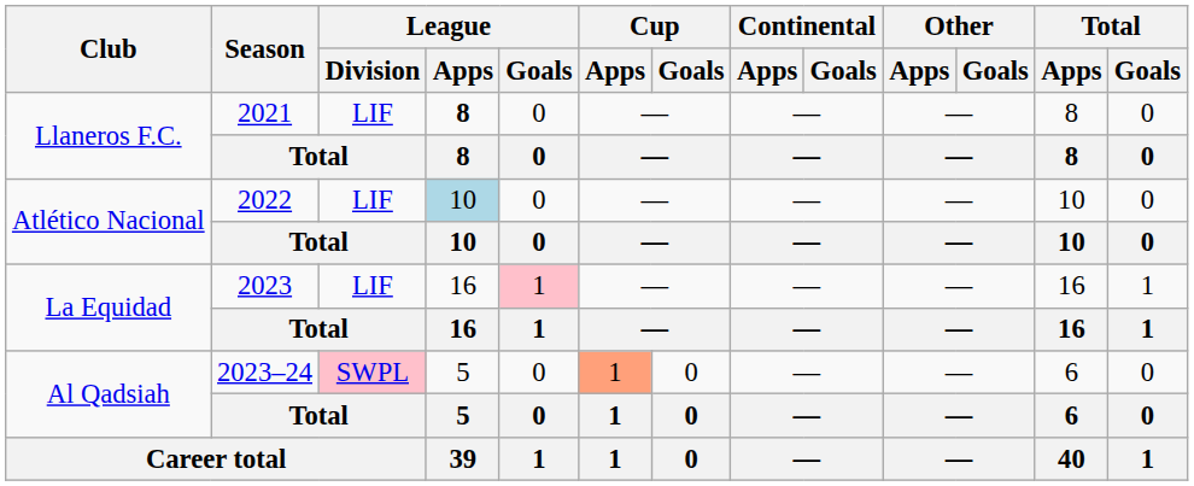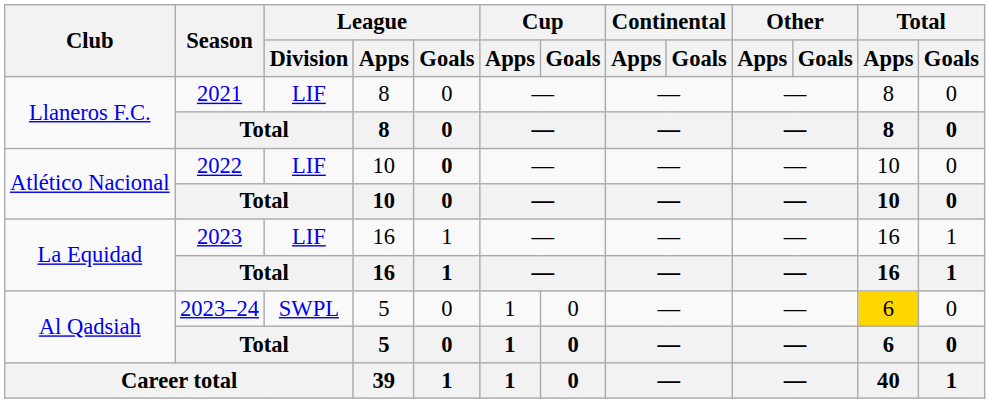 <table class="wikitable" style="text-align: center;">
 <tr>
 <th rowspan="2">Club</th>
 <th rowspan="2">Season</th>
 <th colspan="3">League</th>
 <th colspan="2">Cup</th>
 <th colspan="2">Continental</th>
 <th colspan="2">Other</th>
 <th colspan="2">Total</th>
 </tr>
 <tr>
 <th>Division</th>
 <th>Apps</th>
 <th>Goals</th>
 <th>Apps</th>
 <th>Goals</th>
 <th>Apps</th>
 <th>Goals</th>
 <th>Apps</th>
 <th>Goals</th>
 <th>Apps</th>
 <th>Goals</th>
 </tr>
 <tr>
 <td rowspan="2"><a href='#'>Llaneros F.C.</a></td>
 <td><a href='#'>2021</a></td>
 <td rowspan="1"><a href='#'>LIF</a></td>
-<td><strong>8</strong></td>
+<td>8</td>
 <td>0</td>
 <td colspan="2">—</td>
 <td colspan="2">—</td>
 <td colspan="2">—</td>
 <td>8</td>
 <td>0</td>
 </tr>
 <tr>
 <th colspan="2">Total</th>
 <th>8</th>
 <th>0</th>
 <th colspan="2">—</th>
 <th colspan="2">—</th>
 <th colspan="2">—</th>
 <th>8</th>
 <th>0</th>
 </tr>
 <tr>
 <td rowspan="2"><a href='#'>Atlético Nacional</a></td>
 <td><a href='#'>2022</a></td>
 <td rowspan="1"><a href='#'>LIF</a></td>
-<td style="background: lightblue;">10</td>
-<td>0</td>
+<td>10</td>
+<td><strong>0</strong></td>
 <td colspan="2">—</td>
 <td colspan="2">—</td>
 <td colspan="2">—</td>
 <td>10</td>
 <td>0</td>
 </tr>
 <tr>
 <th colspan="2">Total</th>
 <th>10</th>
 <th>0</th>
 <th colspan="2">—</th>
 <th colspan="2">—</th>
 <th colspan="2">—</th>
 <th>10</th>
 <th>0</th>
 </tr>
 <tr>
 <td rowspan="2"><a href='#'>La Equidad</a></td>
 <td><a href='#'>2023</a></td>
 <td rowspan="1"><a href='#'>LIF</a></td>
 <td>16</td>
-<td style="background: pink;">1</td>
+<td>1</td>
 <td colspan="2">—</td>
 <td colspan="2">—</td>
 <td colspan="2">—</td>
 <td>16</td>
 <td>1</td>
 </tr>
 <tr>
 <th colspan="2">Total</th>
 <th>16</th>
 <th>1</th>
 <th colspan="2">—</th>
 <th colspan="2">—</th>
 <th colspan="2">—</th>
 <th>16</th>
 <th>1</th>
 </tr>
 <tr>
 <td rowspan="2"><a href='#'>Al Qadsiah</a></td>
 <td><a href='#'>2023–24</a></td>
-<td rowspan="1" style="background: pink;"><a href='#'>SWPL</a></td>
+<td rowspan="1"><a href='#'>SWPL</a></td>
 <td>5</td>
 <td>0</td>
-<td style="background: lightsalmon;">1</td>
+<td>1</td>
 <td>0</td>
 <td colspan="2">—</td>
 <td colspan="2">—</td>
-<td>6</td>
+<td style="background: gold;">6</td>
 <td>0</td>
 </tr>
 <tr>
 <th colspan="2">Total</th>
 <th>5</th>
 <th>0</th>
 <th>1</th>
 <th>0</th>
 <th colspan="2">—</th>
 <th colspan="2">—</th>
 <th>6</th>
 <th>0</th>
 </tr>
 <tr>
 <th colspan="3">Career total</th>
 <th>39</th>
 <th>1</th>
 <th>1</th>
 <th>0</th>
 <th colspan="2">—</th>
 <th colspan="2">—</th>
 <th>40</th>
 <th>1</th>
 </tr>
 </table>
